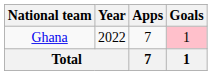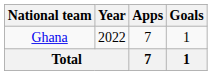 <table class="wikitable" style="text-align:center">
 <tr>
 <th>National team</th>
 <th>Year</th>
 <th>Apps</th>
 <th>Goals</th>
 </tr>
 <tr>
 <td><a href='#'>Ghana</a></td>
 <td>2022</td>
 <td>7</td>
-<td style="background: pink;">1</td>
+<td>1</td>
 </tr>
 <tr>
 <th colspan="2">Total</th>
 <th>7</th>
 <th>1</th>
 </tr>
 </table>
